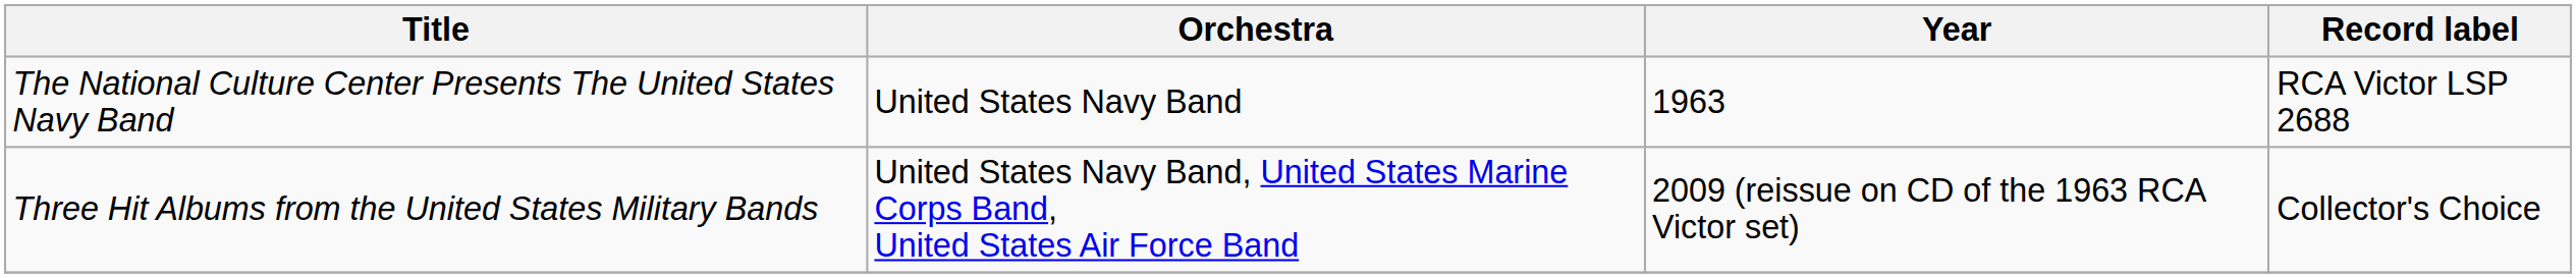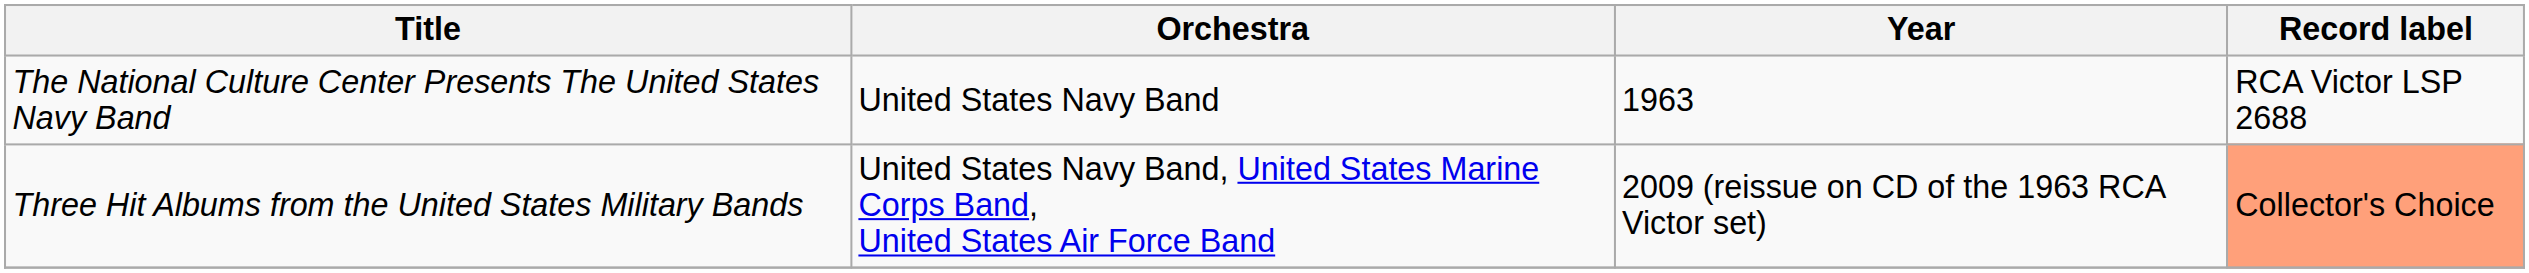 <table class="wikitable sortable">
 <tr>
 <th>Title</th>
 <th>Orchestra</th>
 <th>Year</th>
 <th>Record label</th>
 </tr>
 <tr>
 <td><em>The National Culture Center Presents The United States Navy Band</em></td>
 <td>United States Navy Band</td>
 <td>1963</td>
 <td>RCA Victor LSP 2688</td>
 </tr>
 <tr>
 <td><em>Three Hit Albums from the United States Military Bands</em></td>
 <td>United States Navy Band, <a href='#'>United States Marine Corps Band</a>,<br> <a href='#'>United States Air Force Band</a></td>
 <td>2009 (reissue on CD of the 1963 RCA Victor set)</td>
-<td>Collector's Choice</td>
+<td style="background: lightsalmon;">Collector's Choice</td>
 </tr>
 <tr>
 </tr>
 </table>
